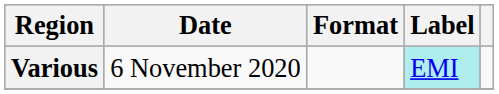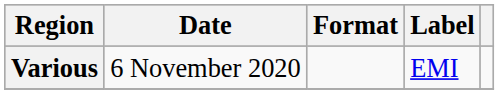 <table class="wikitable plainrowheaders">
 <tr>
 <th scope="col">Region</th>
 <th scope="col">Date</th>
 <th scope="col">Format</th>
 <th scope="col">Label</th>
 <th scope="col"></th>
 </tr>
 <tr>
 <th scope="row">Various</th>
 <td>6 November 2020</td>
 <td></td>
-<td style="background: paleturquoise;"><a href='#'>EMI</a></td>
+<td><a href='#'>EMI</a></td>
 <td></td>
 </tr>
 <tr>
 </tr>
 </table>
